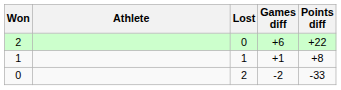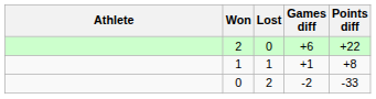 <table class="wikitable">
 <tr>
+<th style="width:18em">Athlete</th>
 <th>Won</th>
-<th style="width:18em">Athlete</th>
 <th>Lost</th>
 <th>Games<br>diff</th>
 <th>Points<br>diff</th>
 </tr>
 <tr bgcolor=ccffcc>
+<td></td>
 <td align="center">2</td>
-<td></td>
 <td align="center">0</td>
 <td align="center">+6</td>
 <td align="center">+22</td>
 </tr>
 <tr>
+<td></td>
 <td align="center">1</td>
-<td></td>
 <td align="center">1</td>
 <td align="center">+1</td>
 <td align="center">+8</td>
 </tr>
 <tr>
+<td></td>
 <td align="center">0</td>
-<td></td>
 <td align="center">2</td>
 <td align="center">-2</td>
 <td align="center">-33</td>
 </tr>
 </table>
